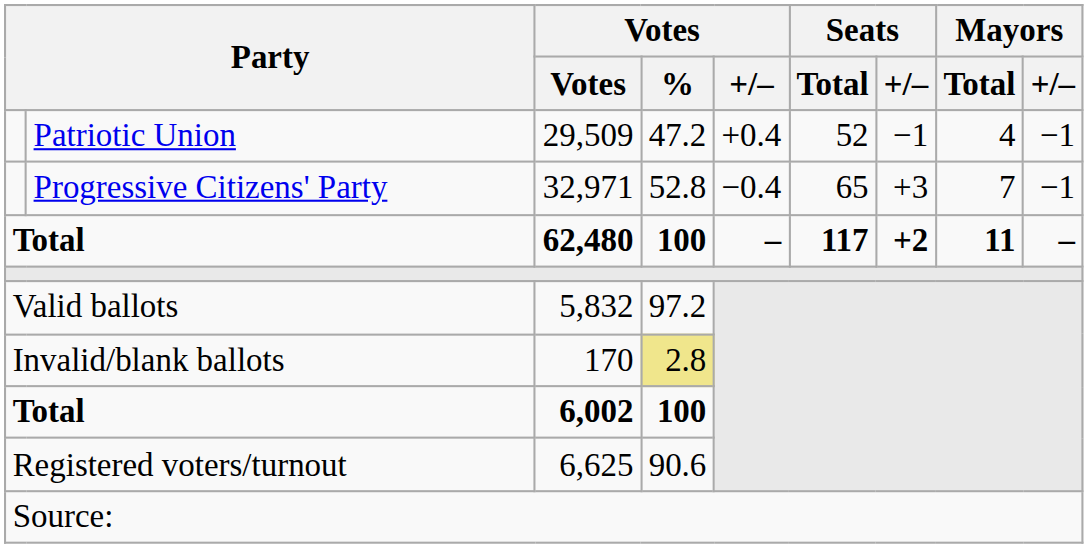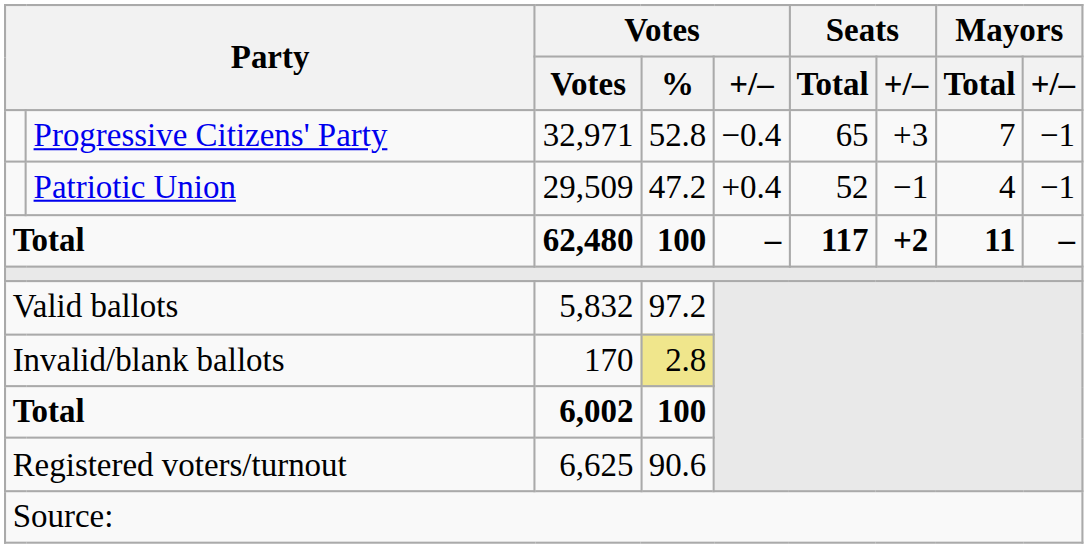 <table class="wikitable" style="text-align:right">
 <tr>
 <th colspan="2" rowspan="2" width="250px">Party</th>
 <th colspan="3">Votes</th>
 <th colspan="2">Seats</th>
 <th colspan="2">Mayors</th>
 </tr>
 <tr>
 <th>Votes</th>
 <th>%</th>
 <th>+/–</th>
 <th>Total</th>
 <th>+/–</th>
 <th>Total</th>
 <th>+/–</th>
 </tr>
 <tr>
 <td></td>
+<td align="left"><a href='#'>Progressive Citizens' Party</a></td>
+<td>32,971</td>
+<td>52.8</td>
+<td>−0.4</td>
+<td>65</td>
+<td>+3</td>
+<td>7</td>
+<td>−1</td>
+</tr>
+<tr>
+<td></td>
 <td align="left"><a href='#'>Patriotic Union</a></td>
 <td>29,509</td>
 <td>47.2</td>
 <td>+0.4</td>
 <td>52</td>
 <td>−1</td>
 <td>4</td>
-<td>−1</td>
-</tr>
-<tr>
-<td></td>
-<td align="left"><a href='#'>Progressive Citizens' Party</a></td>
-<td>32,971</td>
-<td>52.8</td>
-<td>−0.4</td>
-<td>65</td>
-<td>+3</td>
-<td>7</td>
 <td>−1</td>
 </tr>
 <tr>
 <td colspan="2" align="left"><strong>Total</strong></td>
 <td><strong>62,480</strong></td>
 <td><strong>100</strong></td>
 <td><strong>–</strong></td>
 <td><strong>117</strong></td>
 <td><strong>+2</strong></td>
 <td><strong>11</strong></td>
 <td><strong>–</strong></td>
 </tr>
 <tr>
 <td colspan="9" style="color:inherit;background:#E9E9E9"></td>
 </tr>
 <tr>
 <td colspan="2" align="left">Valid ballots</td>
 <td>5,832</td>
 <td>97.2</td>
 <td colspan="5" rowspan="4" bgcolor="#E9E9E9"></td>
 </tr>
 <tr>
 <td colspan="2" align="left">Invalid/blank ballots</td>
 <td>170</td>
 <td style="background: khaki;">2.8</td>
 </tr>
 <tr>
 <td colspan="2" align="left"><strong>Total</strong></td>
 <td><strong>6,002</strong></td>
 <td><strong>100</strong></td>
 </tr>
 <tr>
 <td colspan="2" align="left">Registered voters/turnout</td>
 <td>6,625</td>
 <td>90.6</td>
 </tr>
 <tr>
 <td colspan="9" align="left">Source: </td>
 </tr>
 </table>
